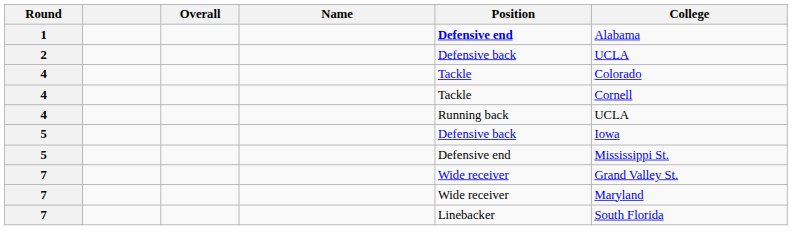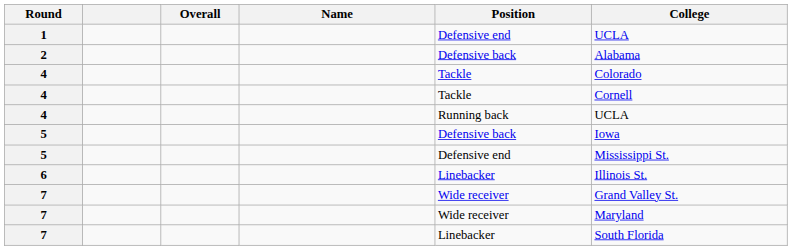 <table class="wikitable sortable" style="width: 50%;">
 <tr>
 <th scope="col" style="width: 10%;">Round</th>
 <th scope="col" style="width: 10%;"></th>
 <th scope="col" style="width: 10%;">Overall</th>
 <th scope="col" style="width: 25%;">Name</th>
 <th scope="col" style="width: 20%;">Position</th>
 <th scope="col" style="width: 25%;">College</th>
 </tr>
 <tr>
 <th scope="row">1</th>
 <td></td>
 <td></td>
 <td></td>
-<td><strong><a href='#'>Defensive end</a></strong></td>
-<td><a href='#'>Alabama</a></td>
+<td><a href='#'>Defensive end</a></td>
+<td><a href='#'>UCLA</a></td>
 </tr>
 <tr>
 <th scope="row">2</th>
 <td></td>
 <td></td>
 <td></td>
 <td><a href='#'>Defensive back</a></td>
-<td><a href='#'>UCLA</a></td>
+<td><a href='#'>Alabama</a></td>
 </tr>
 <tr>
 <th scope="row">4</th>
 <td></td>
 <td></td>
 <td></td>
 <td><a href='#'>Tackle</a></td>
 <td><a href='#'>Colorado</a></td>
 </tr>
 <tr>
 <th scope="row">4</th>
 <td></td>
 <td></td>
 <td></td>
 <td>Tackle</td>
 <td><a href='#'>Cornell</a></td>
 </tr>
 <tr>
 <th scope="row">4</th>
 <td></td>
 <td></td>
 <td></td>
 <td>Running back</td>
 <td>UCLA</td>
 </tr>
 <tr>
 <th scope="row">5</th>
 <td></td>
 <td></td>
 <td></td>
 <td><a href='#'>Defensive back</a></td>
 <td><a href='#'>Iowa</a></td>
 </tr>
 <tr>
 <th scope="row">5</th>
 <td></td>
 <td></td>
 <td></td>
 <td>Defensive end</td>
 <td><a href='#'>Mississippi St.</a></td>
 </tr>
 <tr>
+<th scope="row">6</th>
+<td></td>
+<td></td>
+<td></td>
+<td><a href='#'>Linebacker</a></td>
+<td><a href='#'>Illinois St.</a></td>
+</tr>
+<tr>
 <th scope="row">7</th>
 <td></td>
 <td></td>
 <td></td>
 <td><a href='#'>Wide receiver</a></td>
 <td><a href='#'>Grand Valley St.</a></td>
 </tr>
 <tr>
 <th scope="row">7</th>
 <td></td>
 <td></td>
 <td></td>
 <td>Wide receiver</td>
 <td><a href='#'>Maryland</a></td>
 </tr>
 <tr>
 <th scope="row">7</th>
 <td></td>
 <td></td>
 <td></td>
 <td>Linebacker</td>
 <td><a href='#'>South Florida</a></td>
 </tr>
 </table>
